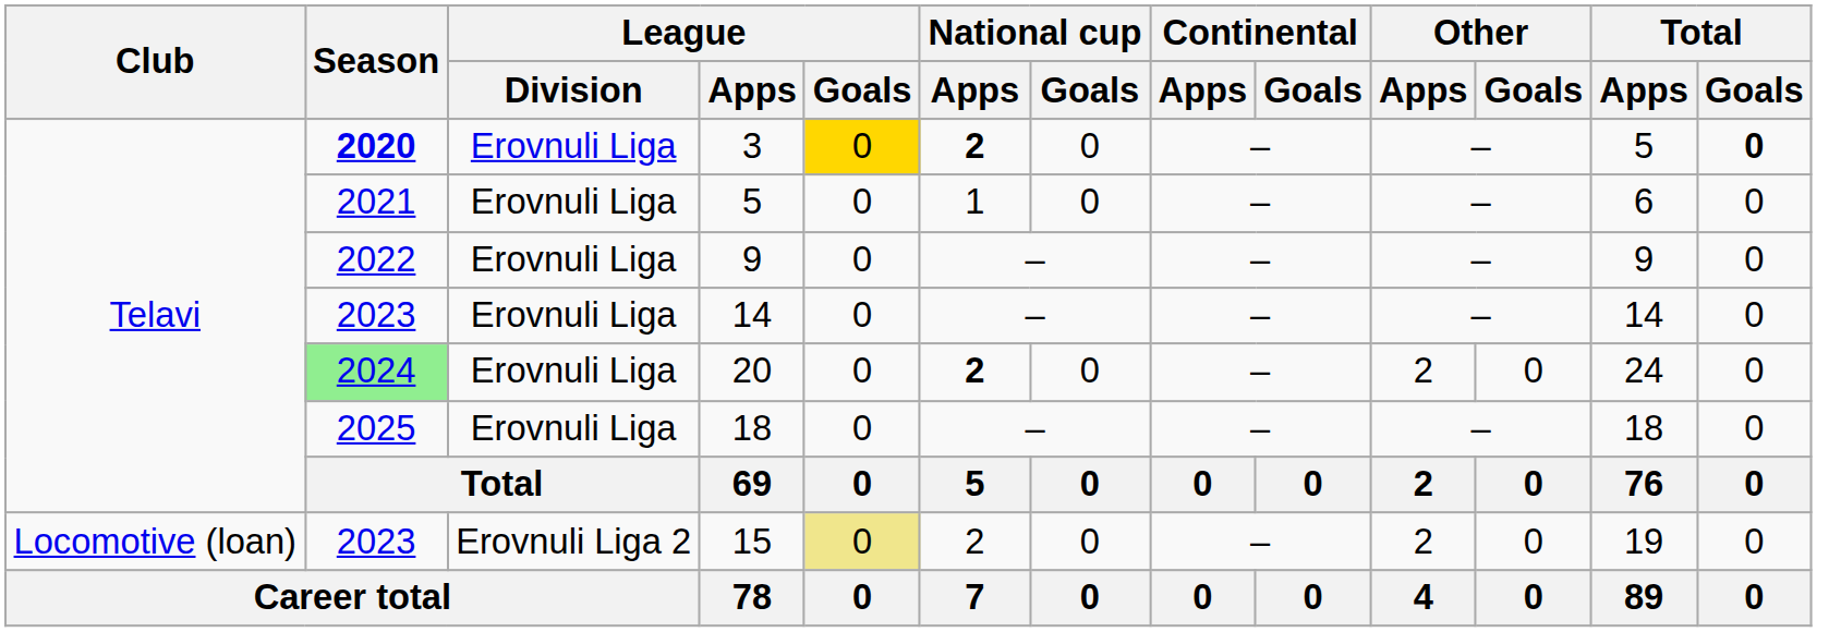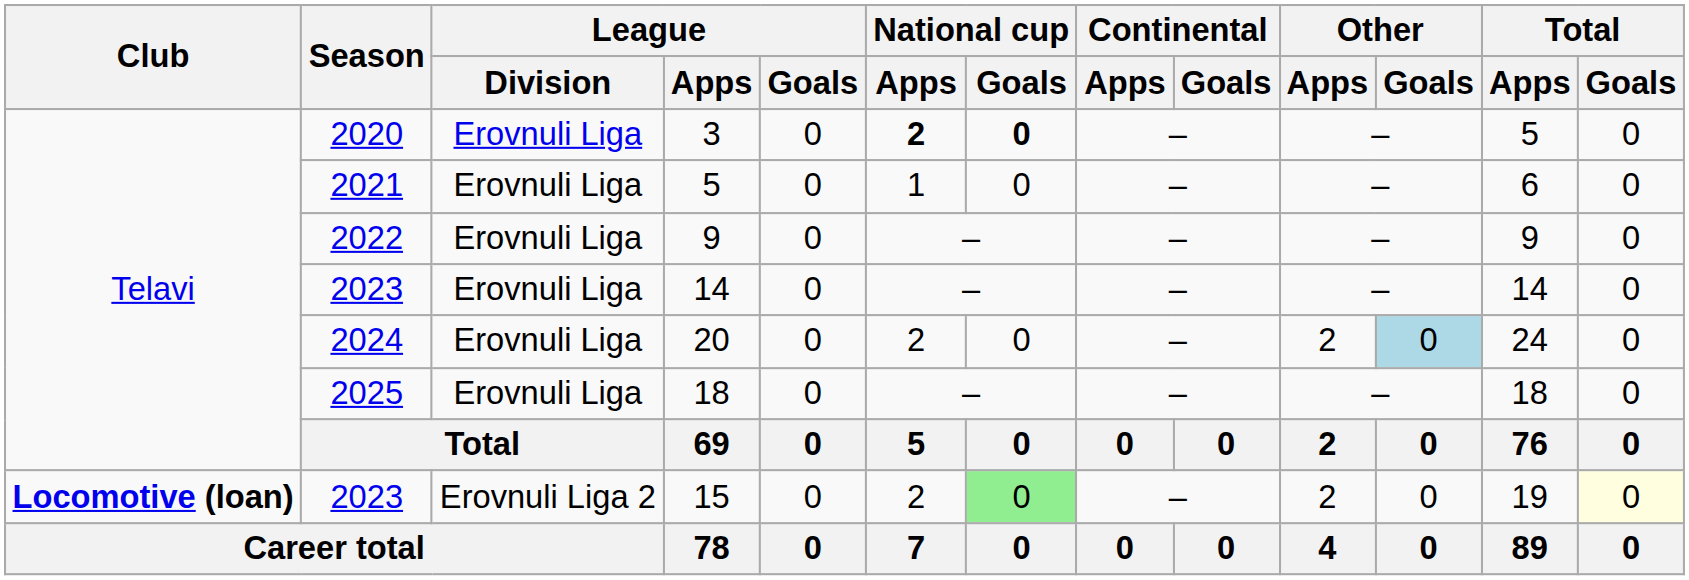 <table class="wikitable" style="text-align:center">
 <tr>
 <th rowspan="2">Club</th>
 <th rowspan="2">Season</th>
 <th colspan="3">League</th>
 <th colspan="2">National cup</th>
 <th colspan="2">Continental</th>
 <th colspan="2">Other</th>
 <th colspan="2">Total</th>
 </tr>
 <tr>
 <th>Division</th>
 <th>Apps</th>
 <th>Goals</th>
 <th>Apps</th>
 <th>Goals</th>
 <th>Apps</th>
 <th>Goals</th>
 <th>Apps</th>
 <th>Goals</th>
 <th>Apps</th>
 <th>Goals</th>
 </tr>
 <tr>
 <td rowspan="7"><a href='#'>Telavi</a></td>
-<td><strong><a href='#'>2020</a></strong></td>
+<td><a href='#'>2020</a></td>
 <td><a href='#'>Erovnuli Liga</a></td>
 <td>3</td>
-<td style="background: gold;">0</td>
+<td>0</td>
 <td><strong>2</strong></td>
-<td>0</td>
+<td><strong>0</strong></td>
 <td colspan="2">–</td>
 <td colspan="2">–</td>
 <td>5</td>
-<td><strong>0</strong></td>
+<td>0</td>
 </tr>
 <tr>
 <td><a href='#'>2021</a></td>
 <td>Erovnuli Liga</td>
 <td>5</td>
 <td>0</td>
 <td>1</td>
 <td>0</td>
 <td colspan="2">–</td>
 <td colspan="2">–</td>
 <td>6</td>
 <td>0</td>
 </tr>
 <tr>
 <td><a href='#'>2022</a></td>
 <td>Erovnuli Liga</td>
 <td>9</td>
 <td>0</td>
 <td colspan="2">–</td>
 <td colspan="2">–</td>
 <td colspan="2">–</td>
 <td>9</td>
 <td>0</td>
 </tr>
 <tr>
 <td><a href='#'>2023</a></td>
 <td>Erovnuli Liga</td>
 <td>14</td>
 <td>0</td>
 <td colspan="2">–</td>
 <td colspan="2">–</td>
 <td colspan="2">–</td>
 <td>14</td>
 <td>0</td>
 </tr>
 <tr>
-<td style="background: lightgreen;"><a href='#'>2024</a></td>
+<td><a href='#'>2024</a></td>
 <td>Erovnuli Liga</td>
 <td>20</td>
 <td>0</td>
-<td><strong>2</strong></td>
+<td>2</td>
 <td>0</td>
 <td colspan="2">–</td>
 <td>2</td>
-<td>0</td>
+<td style="background: lightblue;">0</td>
 <td>24</td>
 <td>0</td>
 </tr>
 <tr>
 <td><a href='#'>2025</a></td>
 <td>Erovnuli Liga</td>
 <td>18</td>
 <td>0</td>
 <td colspan="2">–</td>
 <td colspan="2">–</td>
 <td colspan="2">–</td>
 <td>18</td>
 <td>0</td>
 </tr>
 <tr>
 <th colspan="2">Total</th>
 <th>69</th>
 <th>0</th>
 <th>5</th>
 <th>0</th>
 <th>0</th>
 <th>0</th>
 <th>2</th>
 <th>0</th>
 <th>76</th>
 <th>0</th>
 </tr>
 <tr>
-<td><a href='#'>Locomotive</a> (loan)</td>
+<td><strong><a href='#'>Locomotive</a> (loan)</strong></td>
 <td><a href='#'>2023</a></td>
 <td>Erovnuli Liga 2</td>
 <td>15</td>
-<td style="background: khaki;">0</td>
+<td>0</td>
 <td>2</td>
-<td>0</td>
+<td style="background: lightgreen;">0</td>
 <td colspan="2">–</td>
 <td>2</td>
 <td>0</td>
 <td>19</td>
-<td>0</td>
+<td style="background: lightyellow;">0</td>
 </tr>
 <tr>
 <th colspan="3">Career total</th>
 <th>78</th>
 <th>0</th>
 <th>7</th>
 <th>0</th>
 <th>0</th>
 <th>0</th>
 <th>4</th>
 <th>0</th>
 <th>89</th>
 <th>0</th>
 </tr>
 </table>
